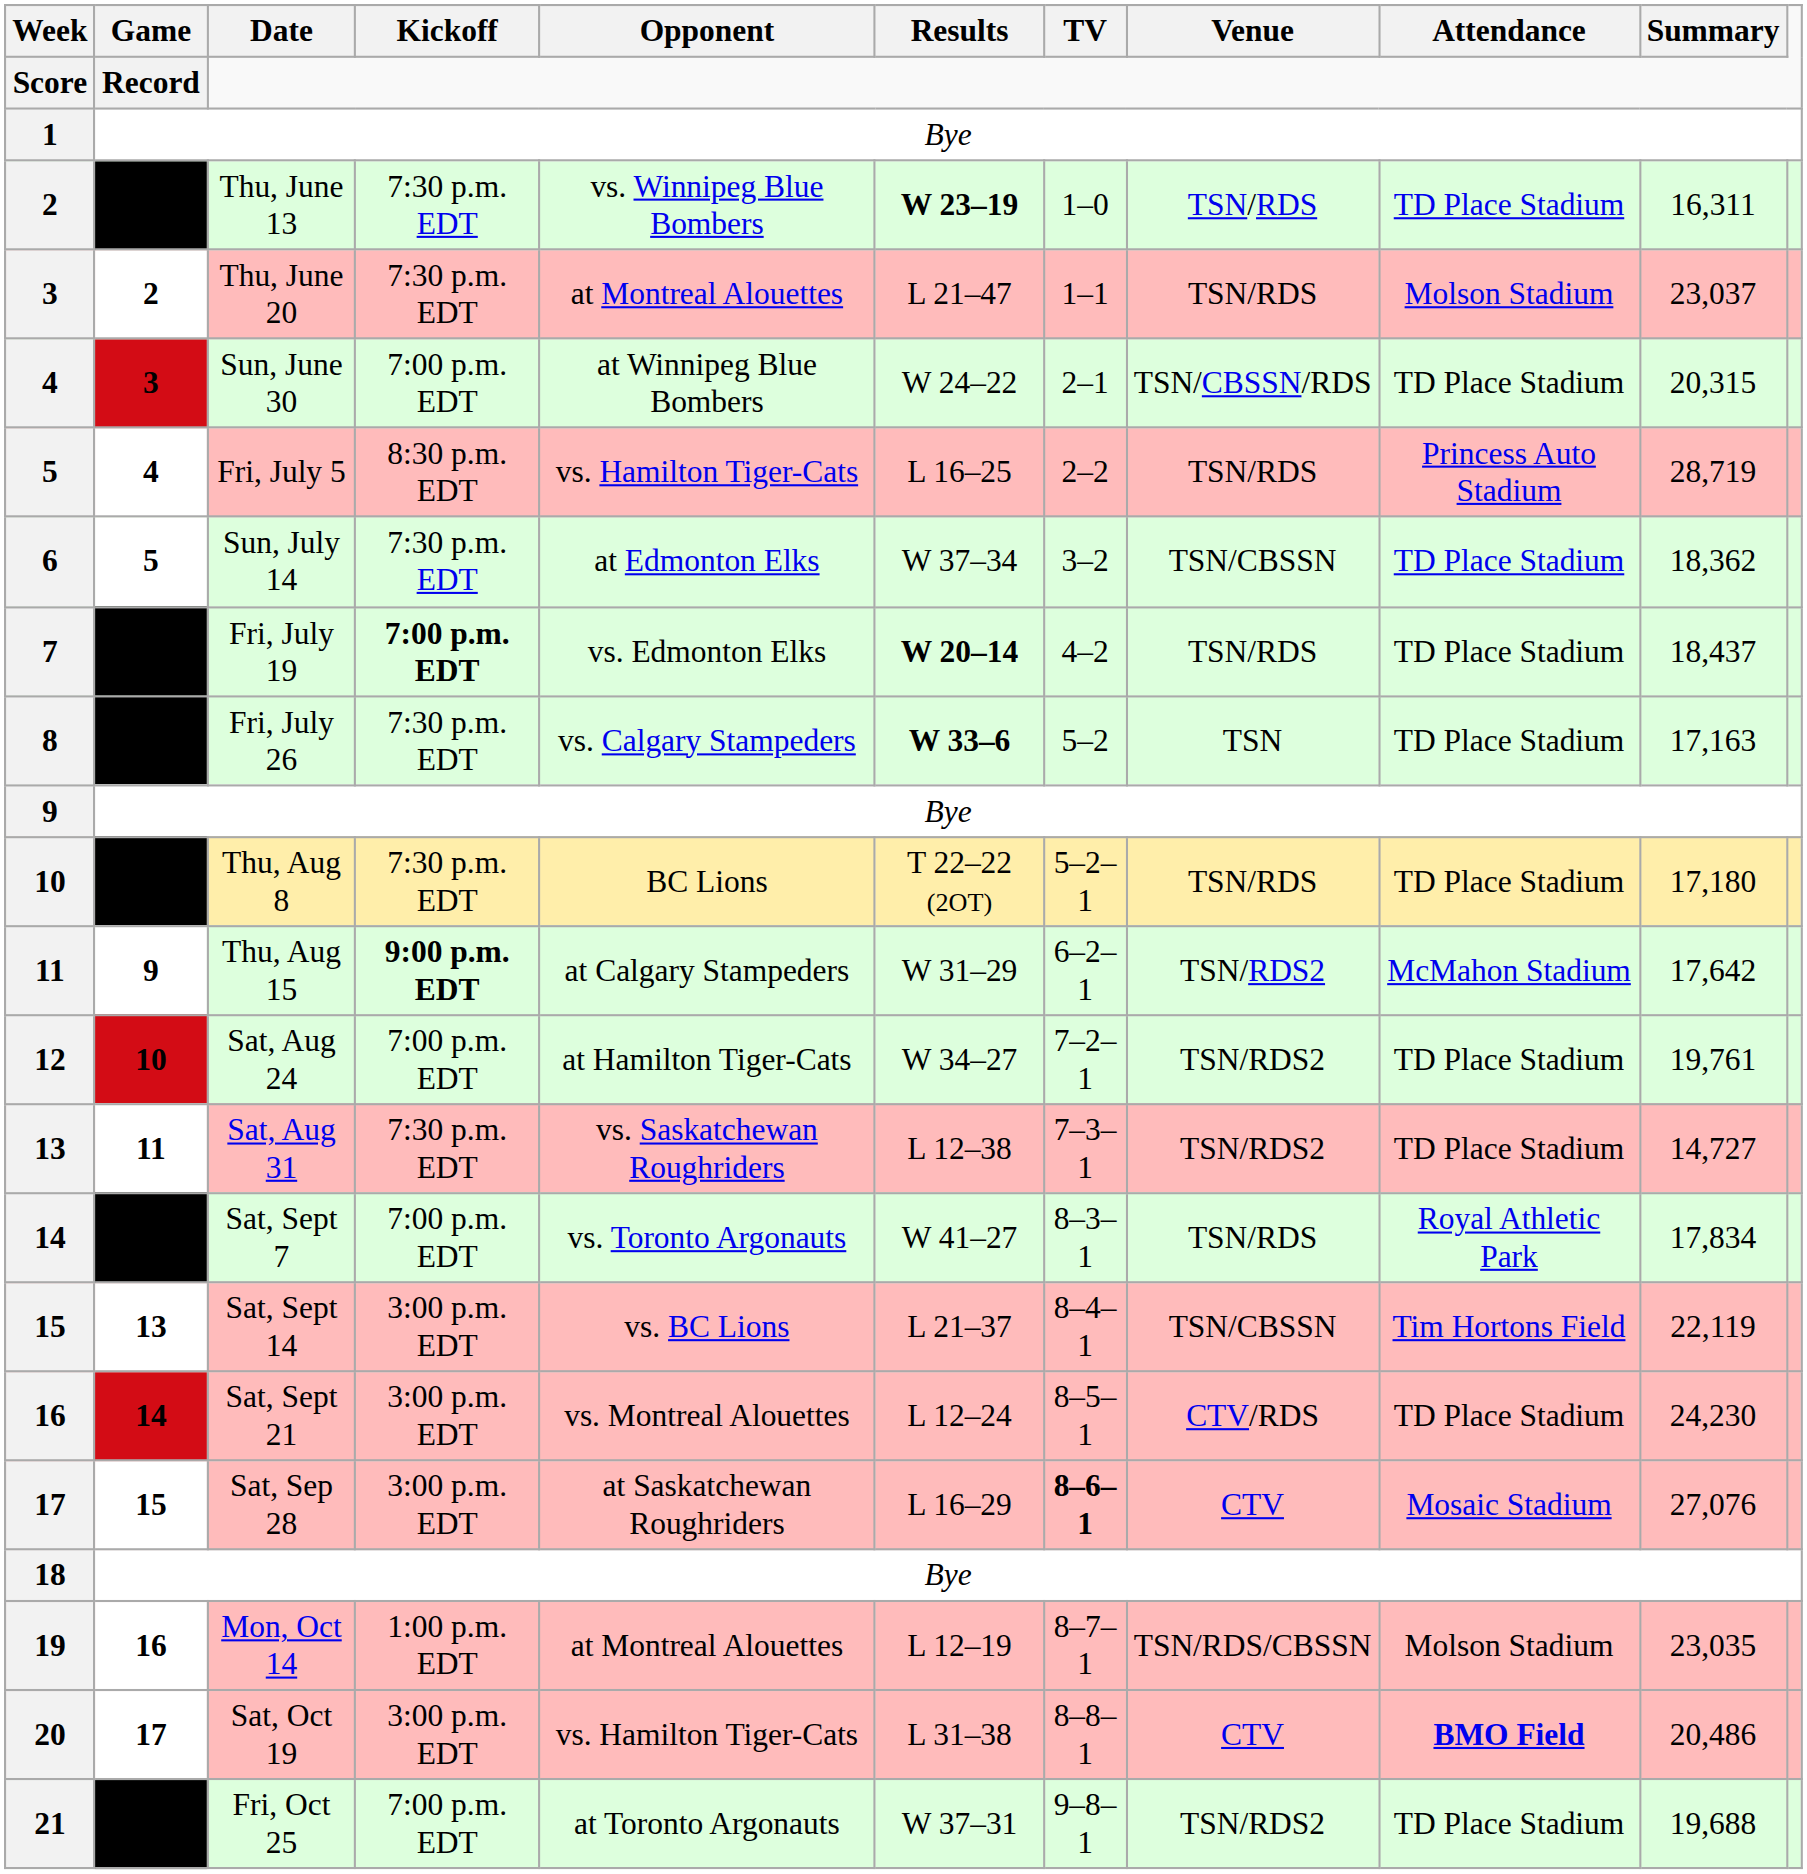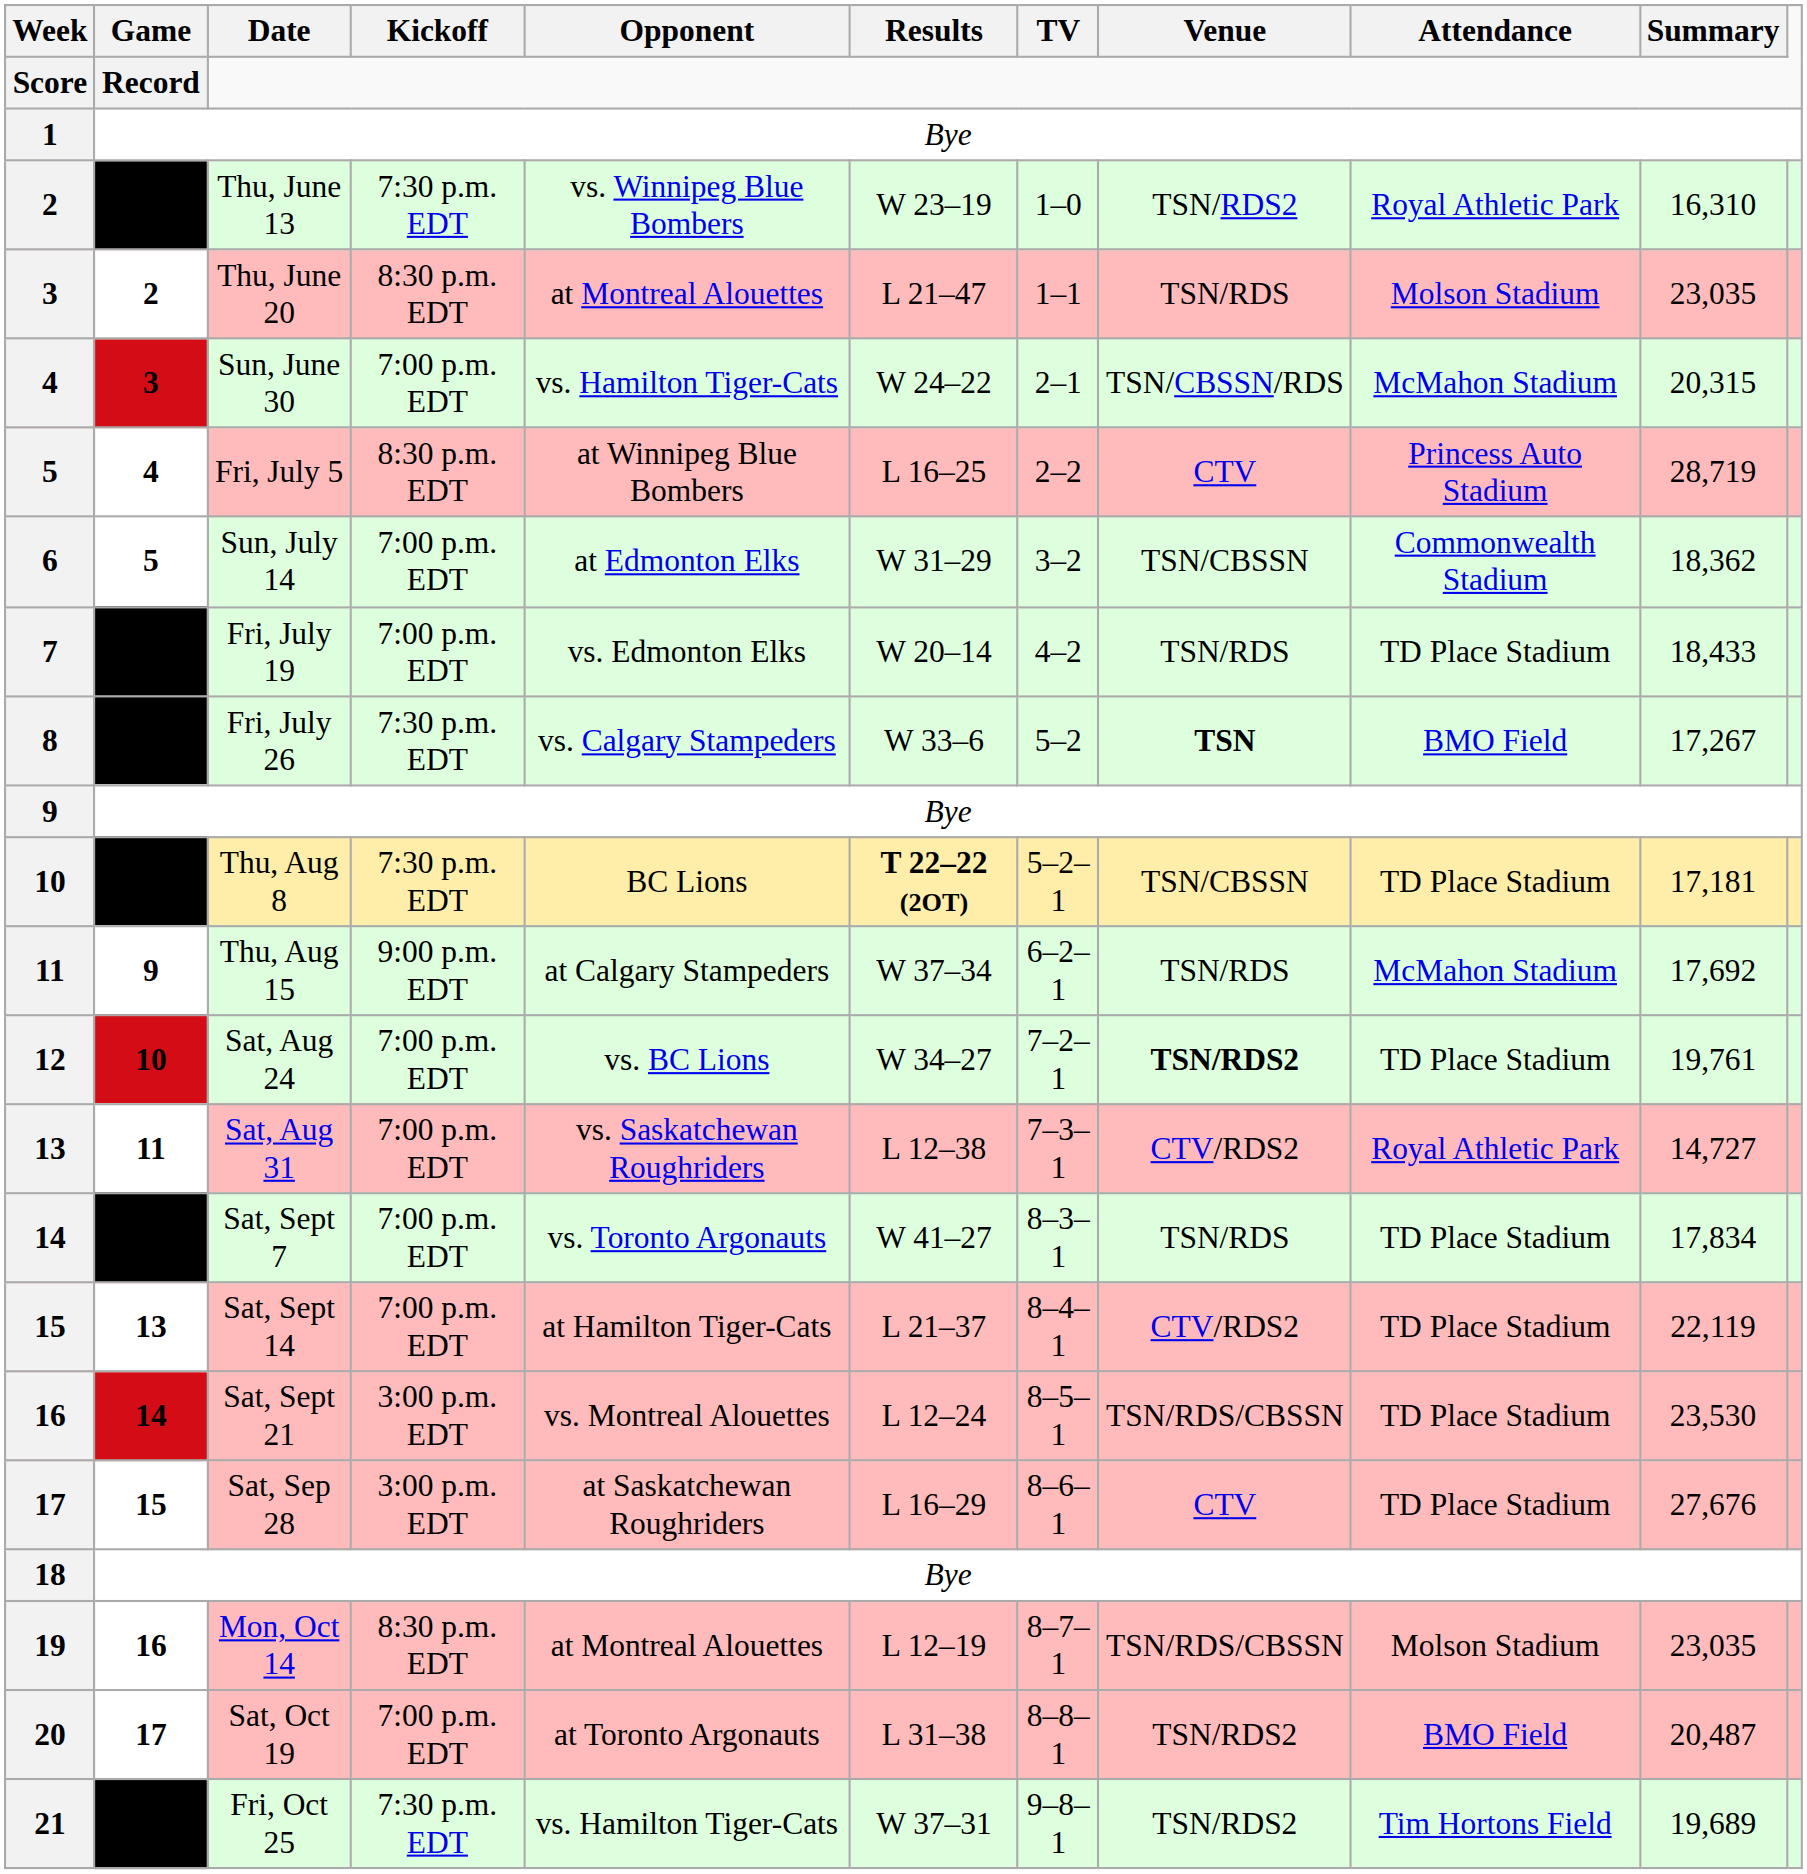 <table class="wikitable" style="font-size: 95%;">
 <tr>
 <th scope="col">Week</th>
 <th scope="col">Game</th>
 <th scope="col">Date</th>
 <th scope="col">Kickoff</th>
 <th scope="col">Opponent</th>
 <th scope="col">Results</th>
 <th scope="col">TV</th>
 <th scope="col">Venue</th>
 <th scope="col">Attendance</th>
 <th scope="col">Summary</th>
 </tr>
 <tr>
 <th scope="col">Score</th>
 <th scope="col">Record</th>
 </tr>
 <tr align="center" bgcolor="#ffffff">
 <th align="center"><strong>1</strong></th>
 <td colspan=10 align="center" valign="middle"><em>Bye</em></td>
 </tr>
 <tr align="center" bgcolor="#ddffdd">
 <th align="center"><strong>2</strong></th>
 <th style="text-align:center; background:black;"><span>1</span></th>
 <td align="center">Thu, June 13</td>
 <td align="center">7:30 p.m. <a href='#'>EDT</a></td>
 <td align="center">vs. <a href='#'>Winnipeg Blue Bombers</a></td>
-<td align="center"><strong>W 23–19</strong></td>
+<td align="center">W 23–19</td>
 <td align="center">1–0</td>
-<td align="center"><a href='#'>TSN</a>/<a href='#'>RDS</a></td>
-<td align="center"><a href='#'>TD Place Stadium</a></td>
-<td align="center">16,311</td>
+<td align="center">TSN/<a href='#'>RDS2</a></td>
+<td align="center"><a href='#'>Royal Athletic Park</a></td>
+<td align="center">16,310</td>
 <td align="center"></td>
 </tr>
 <tr align="center" bgcolor="#ffbbbb">
 <th align="center"><strong>3</strong></th>
 <th style="text-align:center; background:white;"><span>2</span></th>
 <td align="center">Thu, June 20</td>
-<td align="center">7:30 p.m. EDT</td>
+<td align="center">8:30 p.m. EDT</td>
 <td align="center">at <a href='#'>Montreal Alouettes</a></td>
 <td align="center">L 21–47</td>
 <td align="center">1–1</td>
 <td align="center">TSN/RDS</td>
 <td align="center"><a href='#'>Molson Stadium</a></td>
-<td align="center">23,037</td>
+<td align="center">23,035</td>
 <td align="center"></td>
 </tr>
 <tr align="center" bgcolor="#ddffdd">
 <th align="center"><strong>4</strong></th>
 <th style="text-align:center; background:#D30C15;"><span>3</span></th>
 <td align="center">Sun, June 30</td>
 <td align="center">7:00 p.m. EDT</td>
-<td align="center">at Winnipeg Blue Bombers</td>
+<td align="center">vs. <a href='#'>Hamilton Tiger-Cats</a></td>
 <td align="center">W 24–22</td>
 <td align="center">2–1</td>
 <td align="center">TSN/<a href='#'>CBSSN</a>/RDS</td>
-<td align="center">TD Place Stadium</td>
+<td align="center"><a href='#'>McMahon Stadium</a></td>
 <td align="center">20,315</td>
 <td align="center"></td>
 </tr>
 <tr align="center" bgcolor="#ffbbbb">
 <th align="center"><strong>5</strong></th>
 <th style="text-align:center; background:white;"><span>4</span></th>
 <td align="center">Fri, July 5</td>
 <td align="center">8:30 p.m. EDT</td>
-<td align="center">vs. <a href='#'>Hamilton Tiger-Cats</a></td>
+<td align="center">at Winnipeg Blue Bombers</td>
 <td align="center">L 16–25</td>
 <td align="center">2–2</td>
-<td align="center">TSN/RDS</td>
+<td align="center"><a href='#'>CTV</a></td>
 <td align="center"><a href='#'>Princess Auto Stadium</a></td>
 <td align="center">28,719</td>
 <td align="center"></td>
 </tr>
 <tr align="center" bgcolor="#ddffdd">
 <th align="center"><strong>6</strong></th>
 <th style="text-align:center; background:white;"><span>5</span></th>
 <td align="center">Sun, July 14</td>
-<td align="center">7:30 p.m. <a href='#'>EDT</a></td>
+<td align="center">7:00 p.m. EDT</td>
 <td align="center">at <a href='#'>Edmonton Elks</a></td>
-<td align="center">W 37–34</td>
+<td align="center">W 31–29</td>
 <td align="center">3–2</td>
 <td align="center">TSN/CBSSN</td>
-<td align="center"><a href='#'>TD Place Stadium</a></td>
+<td align="center"><a href='#'>Commonwealth Stadium</a></td>
 <td align="center">18,362</td>
 <td align="center"></td>
 </tr>
 <tr align="center" bgcolor="#ddffdd">
 <th align="center"><strong>7</strong></th>
 <th style="text-align:center; background:black;"><span>6</span></th>
 <td align="center">Fri, July 19</td>
-<td align="center"><strong>7:00 p.m. EDT</strong></td>
+<td align="center">7:00 p.m. EDT</td>
 <td align="center">vs. Edmonton Elks</td>
-<td align="center"><strong>W 20–14</strong></td>
+<td align="center">W 20–14</td>
 <td align="center">4–2</td>
 <td align="center">TSN/RDS</td>
 <td align="center">TD Place Stadium</td>
-<td align="center">18,437</td>
+<td align="center">18,433</td>
 <td align="center"></td>
 </tr>
 <tr align="center" bgcolor="#ddffdd">
 <th align="center"><strong>8</strong></th>
 <th style="text-align:center; background:black;"><span>7</span></th>
 <td align="center">Fri, July 26</td>
 <td align="center">7:30 p.m. EDT</td>
 <td align="center">vs. <a href='#'>Calgary Stampeders</a></td>
-<td align="center"><strong>W 33–6</strong></td>
+<td align="center">W 33–6</td>
 <td align="center">5–2</td>
-<td align="center">TSN</td>
-<td align="center">TD Place Stadium</td>
-<td align="center">17,163</td>
+<td align="center"><strong>TSN</strong></td>
+<td align="center"><a href='#'>BMO Field</a></td>
+<td align="center">17,267</td>
 <td align="center"></td>
 </tr>
 <tr align="center" bgcolor="#ffffff">
 <th align="center"><strong>9</strong></th>
 <td colspan=10 align="center" valign="middle"><em>Bye</em></td>
 </tr>
 <tr align="center" bgcolor="#ffeeaa">
 <th align="center"><strong>10</strong></th>
 <th style="text-align:center; background:black;"><span>8</span></th>
 <td align="center">Thu, Aug 8</td>
 <td align="center">7:30 p.m. EDT</td>
 <td align="center">BC Lions</td>
-<td align="center">T 22–22 <small>(2OT)</small></td>
+<td align="center"><strong>T 22–22 <small>(2OT)</small></strong></td>
 <td align="center">5–2–1</td>
-<td align="center">TSN/RDS</td>
+<td align="center">TSN/CBSSN</td>
 <td align="center">TD Place Stadium</td>
-<td align="center">17,180</td>
+<td align="center">17,181</td>
 <td align="center"></td>
 </tr>
 <tr align="center" bgcolor="#ddffdd">
 <th align="center"><strong>11</strong></th>
 <th style="text-align:center; background:white;"><span>9</span></th>
 <td align="center">Thu, Aug 15</td>
-<td align="center"><strong>9:00 p.m. EDT</strong></td>
+<td align="center">9:00 p.m. EDT</td>
 <td align="center">at Calgary Stampeders</td>
-<td align="center">W 31–29</td>
+<td align="center">W 37–34</td>
 <td align="center">6–2–1</td>
-<td align="center">TSN/<a href='#'>RDS2</a></td>
+<td align="center">TSN/RDS</td>
 <td align="center"><a href='#'>McMahon Stadium</a></td>
-<td align="center">17,642</td>
+<td align="center">17,692</td>
 <td align="center"></td>
 </tr>
 <tr align="center" bgcolor="#ddffdd">
 <th align="center"><strong>12</strong></th>
 <th style="text-align:center; background:#D30C15;"><span>10</span></th>
 <td align="center">Sat, Aug 24</td>
 <td align="center">7:00 p.m. EDT</td>
-<td align="center">at Hamilton Tiger-Cats</td>
+<td align="center">vs. <a href='#'>BC Lions</a></td>
 <td align="center">W 34–27</td>
 <td align="center">7–2–1</td>
-<td align="center">TSN/RDS2</td>
+<td align="center"><strong>TSN/RDS2</strong></td>
 <td align="center">TD Place Stadium</td>
 <td align="center">19,761</td>
 <td align="center"></td>
 </tr>
 <tr align="center" bgcolor="#ffbbbb">
 <th align="center"><strong>13</strong></th>
 <th style="text-align:center; background:white;"><span>11</span></th>
 <td align="center"><a href='#'>Sat, Aug 31</a></td>
-<td align="center">7:30 p.m. EDT</td>
+<td align="center">7:00 p.m. EDT</td>
 <td align="center">vs. <a href='#'>Saskatchewan Roughriders</a></td>
 <td align="center">L 12–38</td>
 <td align="center">7–3–1</td>
-<td align="center">TSN/RDS2</td>
-<td align="center">TD Place Stadium</td>
+<td align="center"><a href='#'>CTV</a>/RDS2</td>
+<td align="center"><a href='#'>Royal Athletic Park</a></td>
 <td align="center">14,727</td>
 <td align="center"></td>
 </tr>
 <tr align="center" bgcolor="#ddffdd">
 <th align="center"><strong>14</strong></th>
 <th style="text-align:center; background:black;"><span>12</span></th>
 <td align="center">Sat, Sept 7</td>
 <td align="center">7:00 p.m. EDT</td>
 <td align="center">vs. <a href='#'>Toronto Argonauts</a></td>
 <td align="center">W 41–27</td>
 <td align="center">8–3–1</td>
 <td align="center">TSN/RDS</td>
-<td align="center"><a href='#'>Royal Athletic Park</a></td>
+<td align="center">TD Place Stadium</td>
 <td align="center">17,834</td>
 <td align="center"></td>
 </tr>
 <tr align="center" bgcolor="#ffbbbb">
 <th align="center"><strong>15</strong></th>
 <th style="text-align:center; background:white;"><span>13</span></th>
 <td align="center">Sat, Sept 14</td>
-<td align="center">3:00 p.m. EDT</td>
-<td align="center">vs. <a href='#'>BC Lions</a></td>
+<td align="center">7:00 p.m. EDT</td>
+<td align="center">at Hamilton Tiger-Cats</td>
 <td align="center">L 21–37</td>
 <td align="center">8–4–1</td>
-<td align="center">TSN/CBSSN</td>
-<td align="center"><a href='#'>Tim Hortons Field</a></td>
+<td align="center"><a href='#'>CTV</a>/RDS2</td>
+<td align="center">TD Place Stadium</td>
 <td align="center">22,119</td>
 <td align="center"></td>
 </tr>
 <tr align="center" bgcolor="#ffbbbb">
 <th align="center"><strong>16</strong></th>
 <th style="text-align:center; background:#D30C15;"><span>14</span></th>
 <td align="center">Sat, Sept 21</td>
 <td align="center">3:00 p.m. EDT</td>
 <td align="center">vs. Montreal Alouettes</td>
 <td align="center">L 12–24</td>
 <td align="center">8–5–1</td>
-<td align="center"><a href='#'>CTV</a>/RDS</td>
+<td align="center">TSN/RDS/CBSSN</td>
 <td align="center">TD Place Stadium</td>
-<td align="center">24,230</td>
+<td align="center">23,530</td>
 <td align="center"></td>
 </tr>
 <tr align="center" bgcolor="#ffbbbb">
 <th align="center"><strong>17</strong></th>
 <th style="text-align:center; background:white;"><span>15</span></th>
 <td align="center">Sat, Sep 28</td>
 <td align="center">3:00 p.m. EDT</td>
 <td align="center">at Saskatchewan Roughriders</td>
 <td align="center">L 16–29</td>
-<td align="center"><strong>8–6–1</strong></td>
+<td align="center">8–6–1</td>
 <td align="center"><a href='#'>CTV</a></td>
-<td align="center"><a href='#'>Mosaic Stadium</a></td>
-<td align="center">27,076</td>
+<td align="center">TD Place Stadium</td>
+<td align="center">27,676</td>
 <td align="center"></td>
 </tr>
 <tr align="center" bgcolor="#ffffff">
 <th align="center"><strong>18</strong></th>
 <td colspan=10 align="center" valign="middle"><em>Bye</em></td>
 </tr>
 <tr align="center" bgcolor="#ffbbbb">
 <th align="center"><strong>19</strong></th>
 <th style="text-align:center; background:white;"><span>16</span></th>
 <td align="center"><a href='#'>Mon, Oct 14</a></td>
-<td align="center">1:00 p.m. EDT</td>
+<td align="center">8:30 p.m. EDT</td>
 <td align="center">at Montreal Alouettes</td>
 <td align="center">L 12–19</td>
 <td align="center">8–7–1</td>
 <td align="center">TSN/RDS/CBSSN</td>
 <td align="center">Molson Stadium</td>
 <td align="center">23,035</td>
 <td align="center"></td>
 </tr>
 <tr align="center" bgcolor="#ffbbbb">
 <th align="center"><strong>20</strong></th>
 <th style="text-align:center; background:white;"><span>17</span></th>
 <td align="center">Sat, Oct 19</td>
-<td align="center">3:00 p.m. EDT</td>
-<td align="center">vs. Hamilton Tiger-Cats</td>
+<td align="center">7:00 p.m. EDT</td>
+<td align="center">at Toronto Argonauts</td>
 <td align="center">L 31–38</td>
 <td align="center">8–8–1</td>
-<td align="center"><a href='#'>CTV</a></td>
-<td align="center"><strong><a href='#'>BMO Field</a></strong></td>
-<td align="center">20,486</td>
+<td align="center">TSN/RDS2</td>
+<td align="center"><a href='#'>BMO Field</a></td>
+<td align="center">20,487</td>
 <td align="center"></td>
 </tr>
 <tr align="center" bgcolor="#ddffdd">
 <th align="center"><strong>21</strong></th>
 <th style="text-align:center; background:black;"><span>18</span></th>
 <td align="center">Fri, Oct 25</td>
-<td align="center">7:00 p.m. EDT</td>
-<td align="center">at Toronto Argonauts</td>
+<td align="center">7:30 p.m. <a href='#'>EDT</a></td>
+<td align="center">vs. Hamilton Tiger-Cats</td>
 <td align="center">W 37–31</td>
 <td align="center">9–8–1</td>
 <td align="center">TSN/RDS2</td>
-<td align="center">TD Place Stadium</td>
-<td align="center">19,688</td>
+<td align="center"><a href='#'>Tim Hortons Field</a></td>
+<td align="center">19,689</td>
 <td align="center"></td>
 </tr>
 </table>
